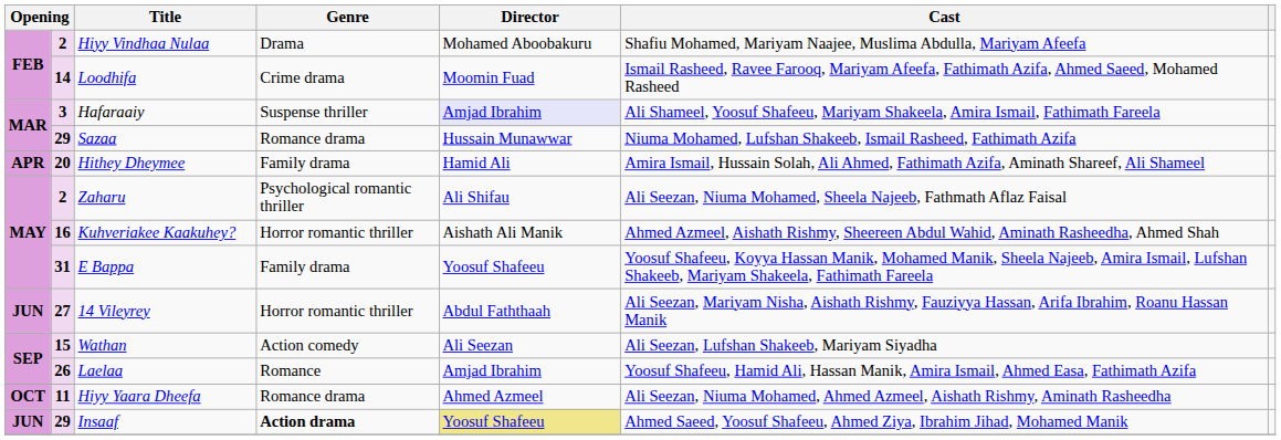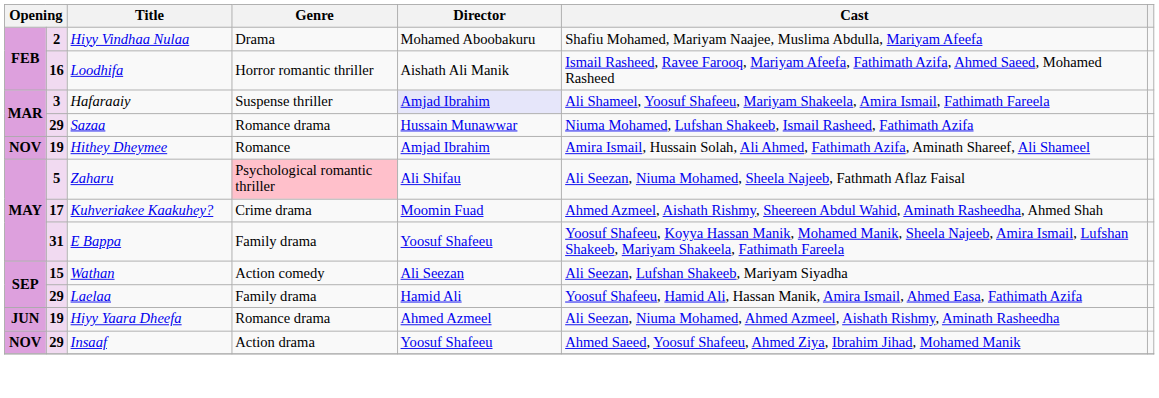 <table class="wikitable plainrowheaders" width="100%">
 <tr>
 <th scope="col" colspan="2">Opening</th>
 <th scope="col" width=15%>Title</th>
 <th scope="col" width=15%>Genre</th>
 <th scope="col" width=15%>Director</th>
 <th scope="col" width=58%>Cast</th>
 <th scope="col" width=2%></th>
 </tr>
 <tr>
 <td style="text-align:center; background:plum; textcolor:#000;" rowspan ="2"><strong>FEB</strong></td>
 <td style="text-align:center; background:#f1daf1;"><strong>2</strong></td>
 <td><em><a href='#'>Hiyy Vindhaa Nulaa</a></em></td>
 <td>Drama</td>
 <td>Mohamed Aboobakuru</td>
 <td>Shafiu Mohamed, Mariyam Naajee, Muslima Abdulla, <a href='#'>Mariyam Afeefa</a></td>
 <td style="text-align:center;"></td>
 </tr>
 <tr>
-<td style="text-align:center; background:#f1daf1;"><strong>14</strong></td>
+<td style="text-align:center; background:#f1daf1;"><strong>16</strong></td>
 <td><em><a href='#'>Loodhifa</a></em></td>
-<td>Crime drama</td>
-<td><a href='#'>Moomin Fuad</a></td>
+<td>Horror romantic thriller</td>
+<td>Aishath Ali Manik</td>
 <td><a href='#'>Ismail Rasheed</a>, <a href='#'>Ravee Farooq</a>, <a href='#'>Mariyam Afeefa</a>, <a href='#'>Fathimath Azifa</a>, <a href='#'>Ahmed Saeed</a>, Mohamed Rasheed</td>
 <td style="text-align:center;"></td>
 </tr>
 <tr>
 <td style="text-align:center; background:plum; textcolor:#000;" rowspan="2"><strong>MAR</strong></td>
 <td style="text-align:center; background:#f1daf1;"><strong>3</strong></td>
 <td><em>Hafaraaiy</em></td>
 <td>Suspense thriller</td>
 <td style="background: lavender;"><a href='#'>Amjad Ibrahim</a></td>
 <td><a href='#'>Ali Shameel</a>, <a href='#'>Yoosuf Shafeeu</a>, <a href='#'>Mariyam Shakeela</a>, <a href='#'>Amira Ismail</a>, <a href='#'>Fathimath Fareela</a></td>
 <td style="text-align:center;"></td>
 </tr>
 <tr>
 <td style="text-align:center; background:#f1daf1;"><strong>29</strong></td>
 <td><em><a href='#'>Sazaa</a></em></td>
 <td>Romance drama</td>
 <td><a href='#'>Hussain Munawwar</a></td>
 <td><a href='#'>Niuma Mohamed</a>, <a href='#'>Lufshan Shakeeb</a>, <a href='#'>Ismail Rasheed</a>, <a href='#'>Fathimath Azifa</a></td>
 <td style="text-align:center;"></td>
 </tr>
 <tr>
-<td style="text-align:center; background:plum; textcolor:#000;"><strong>APR</strong></td>
-<td style="text-align:center; background:#f1daf1;"><strong>20</strong></td>
+<td style="text-align:center; background:plum; textcolor:#000;"><strong>NOV</strong></td>
+<td style="text-align:center; background:#f1daf1;"><strong>19</strong></td>
 <td><em><a href='#'>Hithey Dheymee</a></em></td>
-<td>Family drama</td>
-<td><a href='#'>Hamid Ali</a></td>
+<td>Romance</td>
+<td><a href='#'>Amjad Ibrahim</a></td>
 <td><a href='#'>Amira Ismail</a>, Hussain Solah, <a href='#'>Ali Ahmed</a>, <a href='#'>Fathimath Azifa</a>, Aminath Shareef, <a href='#'>Ali Shameel</a></td>
 <td style="text-align:center;"></td>
 </tr>
 <tr>
 <td style="text-align:center; background:plum; textcolor:#000;" rowspan="3"><strong>MAY</strong></td>
-<td style="text-align:center; background:#f1daf1;"><strong>2</strong></td>
+<td style="text-align:center; background:#f1daf1;"><strong>5</strong></td>
 <td><em><a href='#'>Zaharu</a></em></td>
-<td>Psychological romantic thriller</td>
+<td style="background: pink;">Psychological romantic thriller</td>
 <td><a href='#'>Ali Shifau</a></td>
 <td><a href='#'>Ali Seezan</a>, <a href='#'>Niuma Mohamed</a>, <a href='#'>Sheela Najeeb</a>, Fathmath Aflaz Faisal</td>
 <td style="text-align:center;"></td>
 </tr>
 <tr>
-<td style="text-align:center; background:#f1daf1;"><strong>16</strong></td>
+<td style="text-align:center; background:#f1daf1;"><strong>17</strong></td>
 <td><em><a href='#'>Kuhveriakee Kaakuhey?</a></em></td>
-<td>Horror romantic thriller</td>
-<td>Aishath Ali Manik</td>
+<td>Crime drama</td>
+<td><a href='#'>Moomin Fuad</a></td>
 <td><a href='#'>Ahmed Azmeel</a>, <a href='#'>Aishath Rishmy</a>, <a href='#'>Sheereen Abdul Wahid</a>, <a href='#'>Aminath Rasheedha</a>, Ahmed Shah</td>
 <td style="text-align:center;"></td>
 </tr>
 <tr>
 <td style="text-align:center; background:#f1daf1;"><strong>31</strong></td>
 <td><em><a href='#'>E Bappa</a></em></td>
 <td>Family drama</td>
 <td><a href='#'>Yoosuf Shafeeu</a></td>
 <td><a href='#'>Yoosuf Shafeeu</a>, <a href='#'>Koyya Hassan Manik</a>, <a href='#'>Mohamed Manik</a>, <a href='#'>Sheela Najeeb</a>, <a href='#'>Amira Ismail</a>, <a href='#'>Lufshan Shakeeb</a>, <a href='#'>Mariyam Shakeela</a>, <a href='#'>Fathimath Fareela</a></td>
 <td style="text-align:center;"></td>
 </tr>
 <tr>
-<td style="text-align:center; background:plum; textcolor:#000;"><strong>JUN</strong></td>
-<td style="text-align:center; background:#f1daf1;"><strong>27</strong></td>
-<td><em><a href='#'>14 Vileyrey</a></em></td>
-<td>Horror romantic thriller</td>
-<td><a href='#'>Abdul Faththaah</a></td>
-<td><a href='#'>Ali Seezan</a>, <a href='#'>Mariyam Nisha</a>, <a href='#'>Aishath Rishmy</a>, <a href='#'>Fauziyya Hassan</a>, <a href='#'>Arifa Ibrahim</a>, <a href='#'>Roanu Hassan Manik</a></td>
-<td style="text-align:center;"></td>
-</tr>
-<tr>
 <td style="text-align:center; background:plum; textcolor:#000;" rowspan="2"><strong>SEP</strong></td>
 <td style="text-align:center; background:#f1daf1;"><strong>15</strong></td>
 <td><em><a href='#'>Wathan</a></em></td>
 <td>Action comedy</td>
 <td><a href='#'>Ali Seezan</a></td>
 <td><a href='#'>Ali Seezan</a>, <a href='#'>Lufshan Shakeeb</a>, Mariyam Siyadha</td>
 <td style="text-align:center;"></td>
 </tr>
 <tr>
-<td style="text-align:center; background:#f1daf1;"><strong>26</strong></td>
+<td style="text-align:center; background:#f1daf1;"><strong>29</strong></td>
 <td><em><a href='#'>Laelaa</a></em></td>
-<td>Romance</td>
-<td><a href='#'>Amjad Ibrahim</a></td>
+<td>Family drama</td>
+<td><a href='#'>Hamid Ali</a></td>
 <td><a href='#'>Yoosuf Shafeeu</a>, <a href='#'>Hamid Ali</a>, Hassan Manik, <a href='#'>Amira Ismail</a>, <a href='#'>Ahmed Easa</a>, <a href='#'>Fathimath Azifa</a></td>
 <td style="text-align:center;"></td>
 </tr>
 <tr>
-<td style="text-align:center; background:plum; textcolor:#000;"><strong>OCT</strong></td>
-<td style="text-align:center; background:#f1daf1;"><strong>11</strong></td>
+<td style="text-align:center; background:plum; textcolor:#000;"><strong>JUN</strong></td>
+<td style="text-align:center; background:#f1daf1;"><strong>19</strong></td>
 <td><em><a href='#'>Hiyy Yaara Dheefa</a></em></td>
 <td>Romance drama</td>
 <td><a href='#'>Ahmed Azmeel</a></td>
 <td><a href='#'>Ali Seezan</a>, <a href='#'>Niuma Mohamed</a>, <a href='#'>Ahmed Azmeel</a>, <a href='#'>Aishath Rishmy</a>, <a href='#'>Aminath Rasheedha</a></td>
 <td style="text-align:center;"></td>
 </tr>
 <tr>
-<td style="text-align:center; background:plum; textcolor:#000;"><strong>JUN</strong></td>
+<td style="text-align:center; background:plum; textcolor:#000;"><strong>NOV</strong></td>
 <td style="text-align:center; background:#f1daf1;"><strong>29</strong></td>
 <td><em><a href='#'>Insaaf</a></em></td>
-<td><strong>Action drama</strong></td>
-<td style="background: khaki;"><a href='#'>Yoosuf Shafeeu</a></td>
+<td>Action drama</td>
+<td><a href='#'>Yoosuf Shafeeu</a></td>
 <td><a href='#'>Ahmed Saeed</a>, <a href='#'>Yoosuf Shafeeu</a>, <a href='#'>Ahmed Ziya</a>, <a href='#'>Ibrahim Jihad</a>, <a href='#'>Mohamed Manik</a></td>
 <td style="text-align:center;"></td>
 </tr>
 <tr>
 </tr>
 </table>
